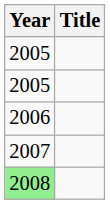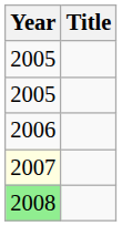 <table class="wikitable">
 <tr>
 <th>Year</th>
 <th>Title</th>
 </tr>
 <tr>
 <td>2005</td>
 <td></td>
 </tr>
 <tr>
 <td>2005</td>
 <td></td>
 </tr>
 <tr>
 <td>2006</td>
 <td></td>
 </tr>
 <tr>
-<td>2007</td>
+<td style="background: lightyellow;">2007</td>
 <td></td>
 </tr>
 <tr>
 <td style="background: lightgreen;">2008</td>
 <td></td>
 </tr>
 </table>
